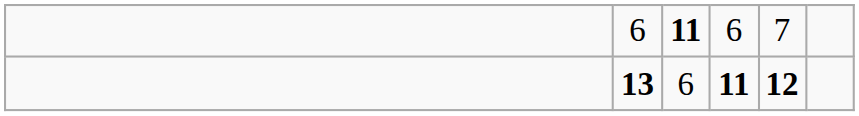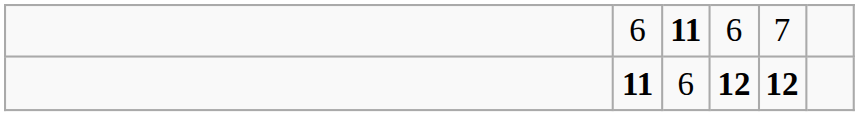 <table class="wikitable">
 <tr>
 <td style="width:18em"></td>
 <td align=center style="width:1em">6</td>
 <td align=center style="width:1em"><strong>11</strong></td>
 <td align=center style="width:1em">6</td>
 <td align=center style="width:1em">7</td>
 <td align=center style="width:1em"></td>
 </tr>
 <tr>
 <td style="width:18em"></td>
-<td align=center style="width:1em"><strong>13</strong></td>
+<td align=center style="width:1em"><strong>11</strong></td>
 <td align=center style="width:1em">6</td>
-<td align=center style="width:1em"><strong>11</strong></td>
+<td align=center style="width:1em"><strong>12</strong></td>
 <td align=center style="width:1em"><strong>12</strong></td>
 <td align=center style="width:1em"></td>
 </tr>
 </table>
